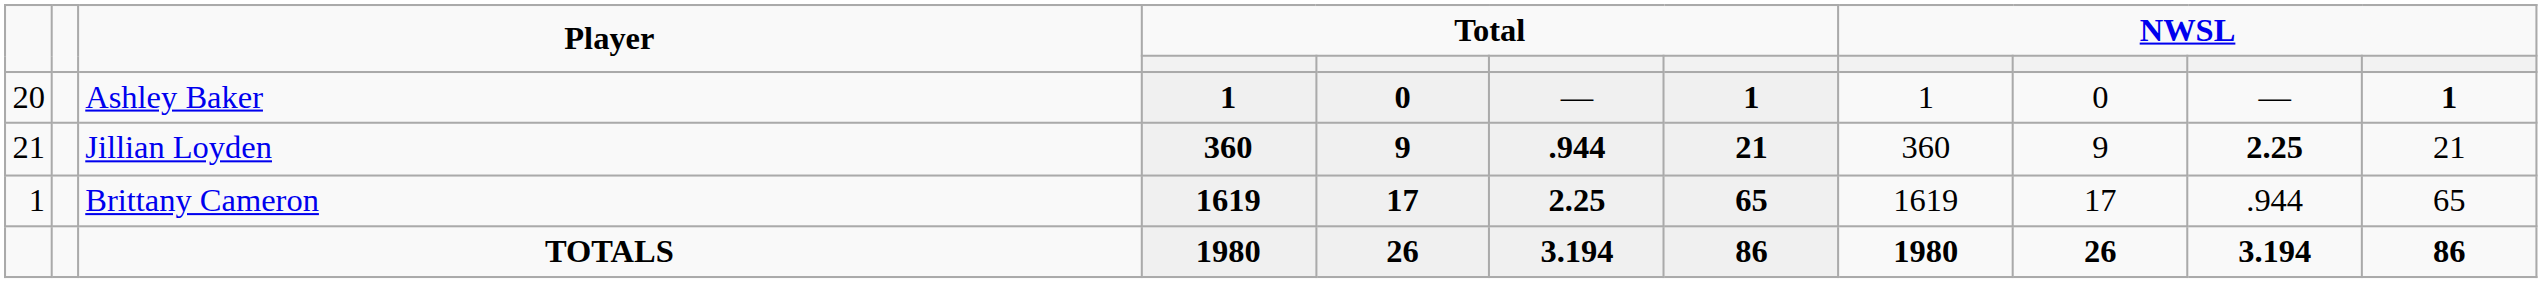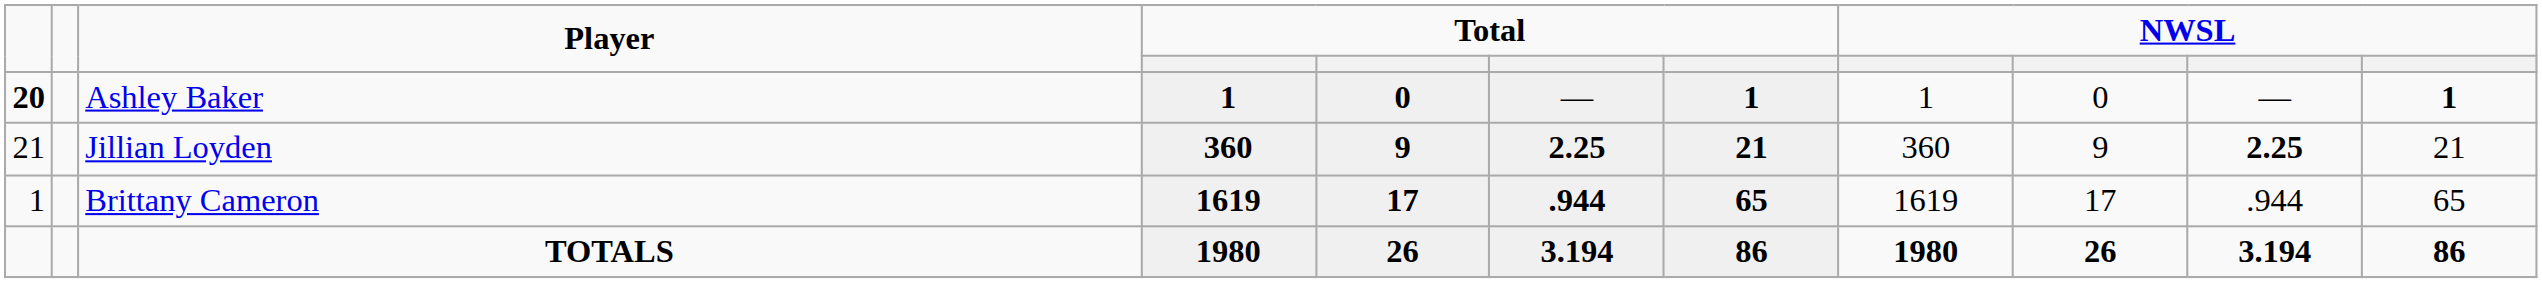 <table class="wikitable" style="text-align:center;">
 <tr>
 <td rowspan="2"  style="width:1%; text-align:center;"><strong></strong></td>
 <td rowspan="2"  style="width:1%; text-align:center;"><strong></strong></td>
 <td rowspan="2"  style="width:42%; text-align:center;"><strong>Player</strong></td>
 <td colspan="4" style="text-align:center;"><strong>Total</strong></td>
 <td colspan="4" style="text-align:center;"><strong><a href='#'>NWSL</a></strong></td>
 </tr>
 <tr>
 <th width=60></th>
 <th width=60></th>
 <th width=60></th>
 <th width=60></th>
 <th width=60></th>
 <th width=60></th>
 <th width=60></th>
 <th width=60></th>
 </tr>
 <tr>
-<td style="text-align: right;">20</td>
+<td style="text-align: right;"><strong>20</strong></td>
 <td></td>
 <td style="text-align: left;"><a href='#'>Ashley Baker</a></td>
 <td style="background: #F0F0F0;"><strong>1</strong></td>
 <td style="background: #F0F0F0;"><strong>0</strong></td>
 <td style="background: #F0F0F0;">—</td>
 <td style="background: #F0F0F0;"><strong>1</strong></td>
 <td>1</td>
 <td>0</td>
 <td>—</td>
 <td><strong>1</strong></td>
 </tr>
 <tr>
 <td style="text-align: right;">21</td>
 <td></td>
 <td style="text-align: left;"><a href='#'>Jillian Loyden</a></td>
 <td style="background: #F0F0F0;"><strong>360</strong></td>
 <td style="background: #F0F0F0;"><strong>9</strong></td>
-<td style="background: #F0F0F0;"><strong>.944</strong></td>
+<td style="background: #F0F0F0;"><strong>2.25</strong></td>
 <td style="background: #F0F0F0;"><strong>21</strong></td>
 <td>360</td>
 <td>9</td>
 <td><strong>2.25</strong></td>
 <td>21</td>
 </tr>
 <tr>
 <td style="text-align: right;">1</td>
 <td></td>
 <td style="text-align: left;"><a href='#'>Brittany Cameron</a></td>
 <td style="background: #F0F0F0;"><strong>1619</strong></td>
 <td style="background: #F0F0F0;"><strong>17</strong></td>
-<td style="background: #F0F0F0;"><strong>2.25</strong></td>
+<td style="background: #F0F0F0;"><strong>.944</strong></td>
 <td style="background: #F0F0F0;"><strong>65</strong></td>
 <td>1619</td>
 <td>17</td>
 <td>.944</td>
 <td>65</td>
 </tr>
 <tr>
 <td></td>
 <td></td>
 <td><strong>TOTALS</strong></td>
 <td style="background: #F0F0F0;"><strong>1980</strong></td>
 <td style="background: #F0F0F0;"><strong>26</strong></td>
 <td style="background: #F0F0F0;"><strong>3.194</strong></td>
 <td style="background: #F0F0F0;"><strong>86</strong></td>
 <td><strong>1980</strong></td>
 <td><strong>26</strong></td>
 <td><strong>3.194</strong></td>
 <td><strong>86</strong></td>
 </tr>
 </table>
